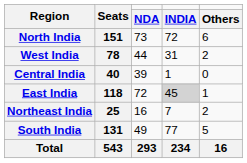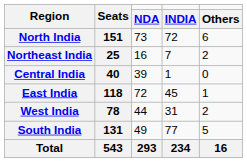 <table class="sortable wikitable defaultcenter col1left" style="font-size: 100%">
 <tr>
 <th rowspan="2">Region</th>
 <th rowspan="2">Seats</th>
 <td></td>
 <td></td>
 <td></td>
 </tr>
 <tr>
 <th><a href='#'>NDA</a></th>
 <th><a href='#'>INDIA</a></th>
 <th>Others</th>
 </tr>
 <tr>
 <th><a href='#'>North India</a></th>
 <th>151</th>
 <td style="background:">73</td>
 <td>72</td>
 <td>6</td>
 </tr>
 <tr>
-<th><a href='#'>West India</a></th>
-<th>78</th>
-<td style="background:">44</td>
-<td>31</td>
+<th><a href='#'>Northeast India</a></th>
+<th>25</th>
+<td style="background:">16</td>
+<td>7</td>
 <td>2</td>
 </tr>
 <tr>
 <th><a href='#'>Central India</a></th>
 <th>40</th>
 <td style="background:">39</td>
 <td>1</td>
 <td>0</td>
 </tr>
 <tr>
 <th><a href='#'>East India</a></th>
 <th>118</th>
 <td style="background:">72</td>
-<td style="background: lightgrey;">45</td>
+<td>45</td>
 <td>1</td>
 </tr>
 <tr>
-<th><a href='#'>Northeast India</a></th>
-<th>25</th>
-<td style="background:">16</td>
-<td>7</td>
+<th><a href='#'>West India</a></th>
+<th>78</th>
+<td style="background:">44</td>
+<td>31</td>
 <td>2</td>
 </tr>
 <tr>
 <th><a href='#'>South India</a></th>
 <th>131</th>
 <td>49</td>
 <td style="background:">77</td>
 <td>5</td>
 </tr>
 <tr>
 <th>Total</th>
 <th>543</th>
 <th>293</th>
 <th>234</th>
 <th>16</th>
 </tr>
 </table>
